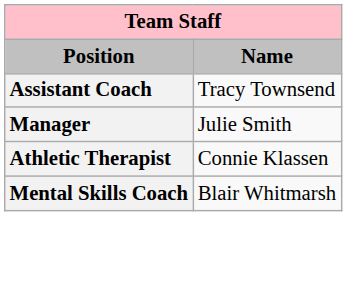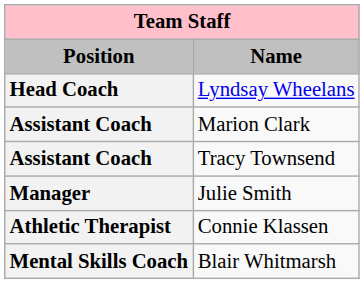 <table class="wikitable" style="text-align:left; font-size:90%;">
 <tr>
 <th style=background:pink colspan=2>Team Staff</th>
 </tr>
 <tr>
 <th style="background:silver;">Position</th>
 <th style="background:silver;">Name</th>
+</tr>
+<tr>
+<th style="text-align:left;">Head Coach</th>
+<td><a href='#'>Lyndsay Wheelans</a></td>
+</tr>
+<tr>
+<th style="text-align:left;">Assistant Coach</th>
+<td>Marion Clark</td>
 </tr>
 <tr>
 <th style="text-align:left;">Assistant Coach</th>
 <td>Tracy Townsend</td>
 </tr>
 <tr>
 <th style="text-align:left;">Manager</th>
 <td>Julie Smith</td>
 </tr>
 <tr>
 <th style="text-align:left;">Athletic Therapist</th>
 <td>Connie Klassen</td>
 </tr>
 <tr>
 <th style="text-align:left;">Mental Skills Coach</th>
 <td>Blair Whitmarsh</td>
 </tr>
 </table>
